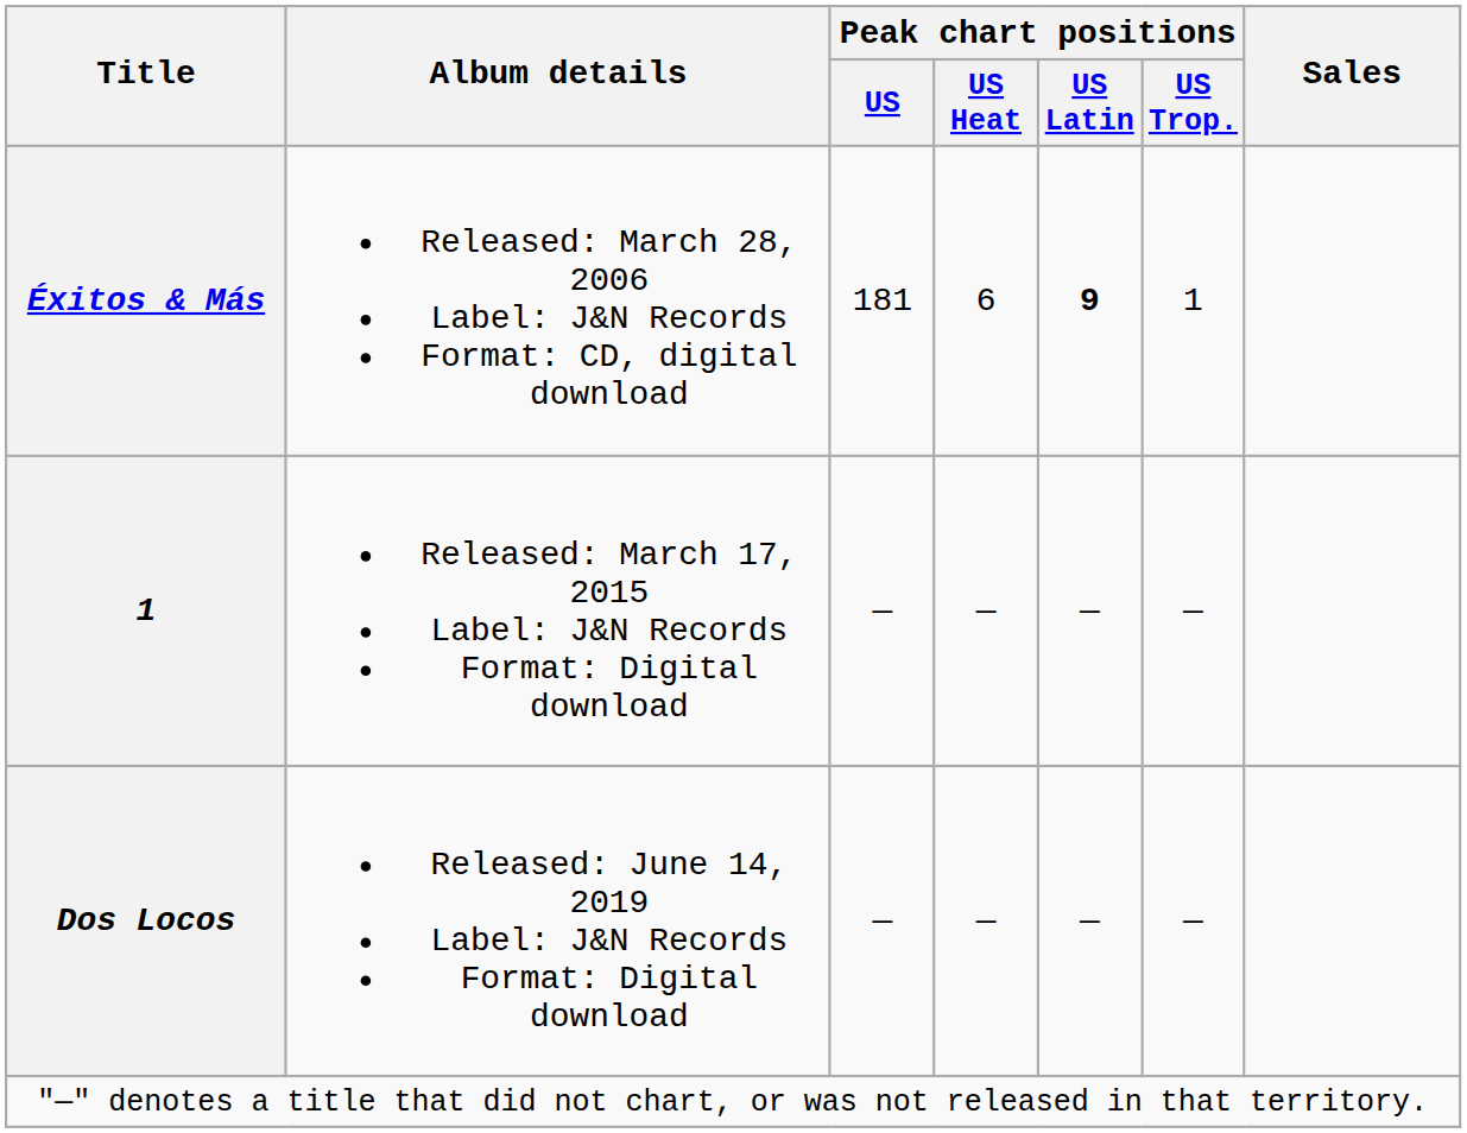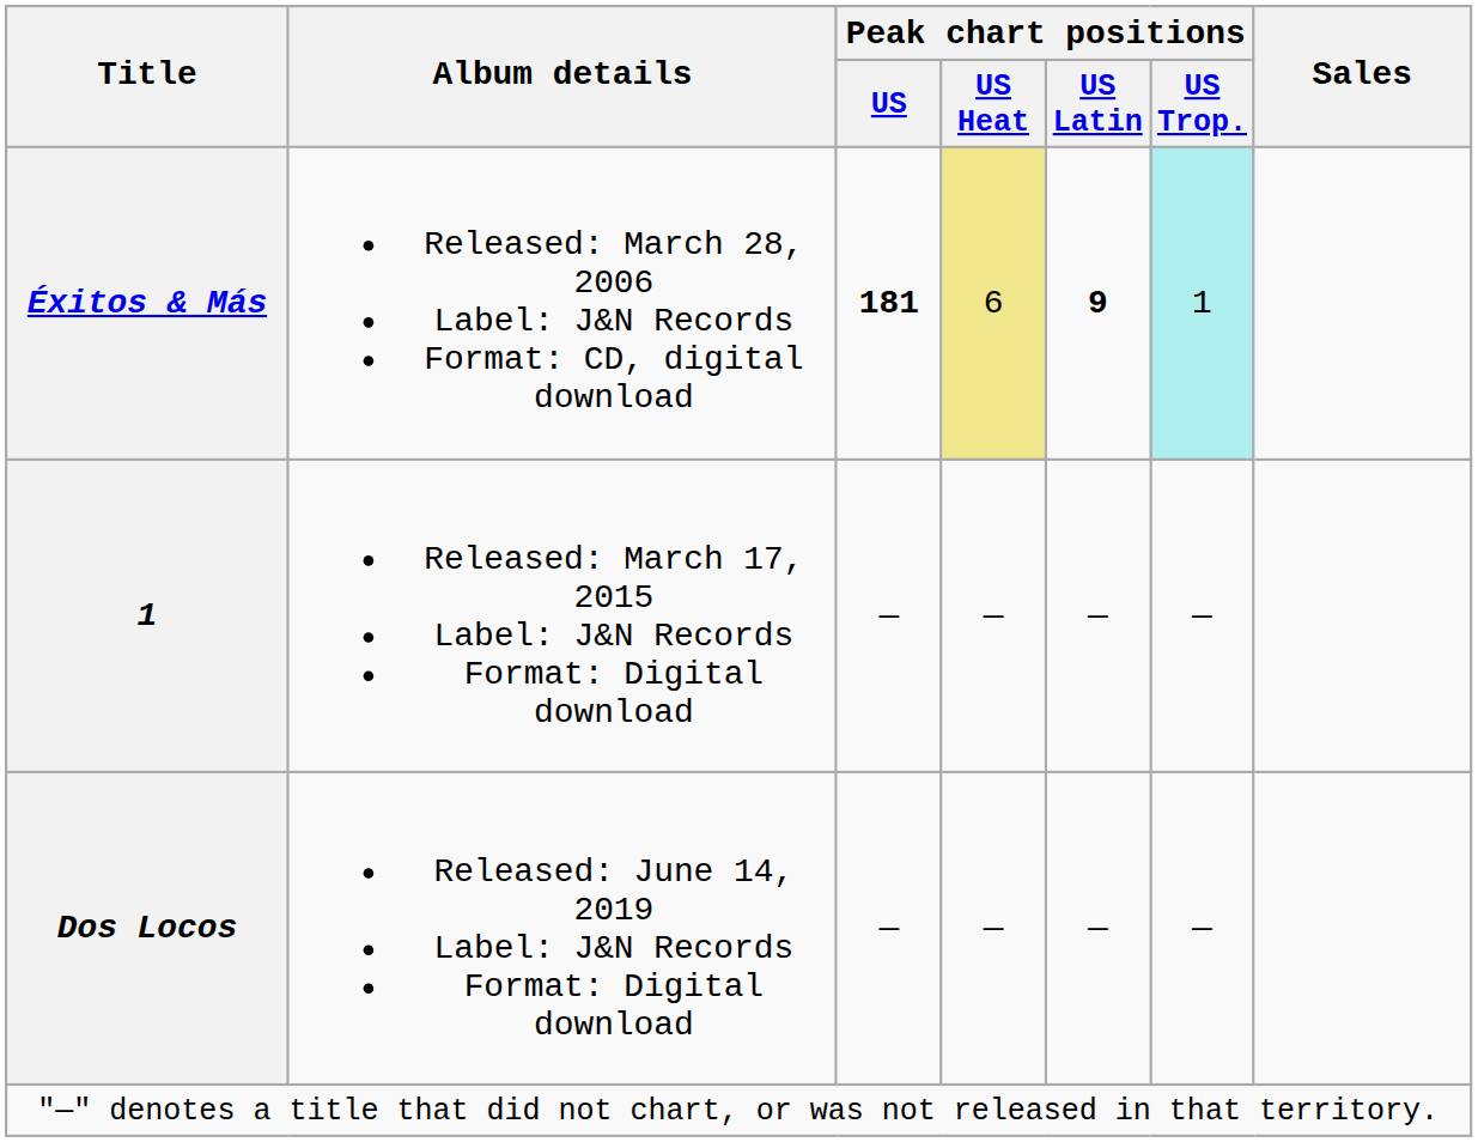 <table class="wikitable plainrowheaders" style="text-align:center;">
 <tr>
 <th scope="col" rowspan="2" style="width:8em;">Title</th>
 <th scope="col" rowspan="2" style="width:16em;">Album details</th>
 <th scope="col" colspan="4">Peak chart positions</th>
 <th scope="col" rowspan="2" style="width:6em;">Sales</th>
 </tr>
 <tr>
 <th scope="col" style="width:3em;font-size:90%;"><a href='#'>US</a><br></th>
 <th scope="col" style="width:3em;font-size:90%;"><a href='#'>US<br>Heat</a><br></th>
 <th scope="col" style="width:3em;font-size:90%;"><a href='#'>US<br>Latin</a><br></th>
 <th scope="col" style="width:3em;font-size:90%;"><a href='#'>US<br>Trop.</a><br></th>
 </tr>
 <tr>
 <th scope="row" align="center"><em><a href='#'>Éxitos & Más</a></em></th>
 <td><br><ul><li>Released: March 28, 2006</li><li>Label: J&N Records</li><li>Format: CD, digital download</li></ul></td>
-<td>181</td>
-<td>6</td>
+<td><strong>181</strong></td>
+<td style="background: khaki;">6</td>
 <td><strong>9</strong></td>
-<td>1</td>
+<td style="background: paleturquoise;">1</td>
 <td></td>
 </tr>
 <tr>
 <th scope="row" align="center"><em>1</em></th>
 <td><br><ul><li>Released: March 17, 2015</li><li>Label: J&N Records</li><li>Format: Digital download</li></ul></td>
 <td>—</td>
 <td>—</td>
 <td>—</td>
 <td>—</td>
 <td></td>
 </tr>
 <tr>
 <th scope="row" align="center"><em>Dos Locos</em></th>
 <td><br><ul><li>Released: June 14, 2019</li><li>Label: J&N Records</li><li>Format: Digital download</li></ul></td>
 <td>—</td>
 <td>—</td>
 <td>—</td>
 <td>—</td>
 <td></td>
 </tr>
 <tr>
 <td colspan="15" style="font-size:90%">"—" denotes a title that did not chart, or was not released in that territory.</td>
 </tr>
 </table>
